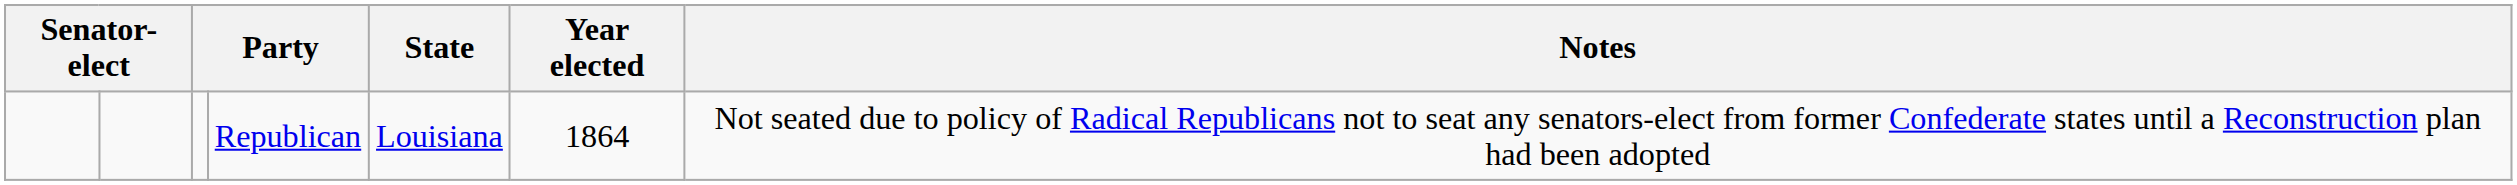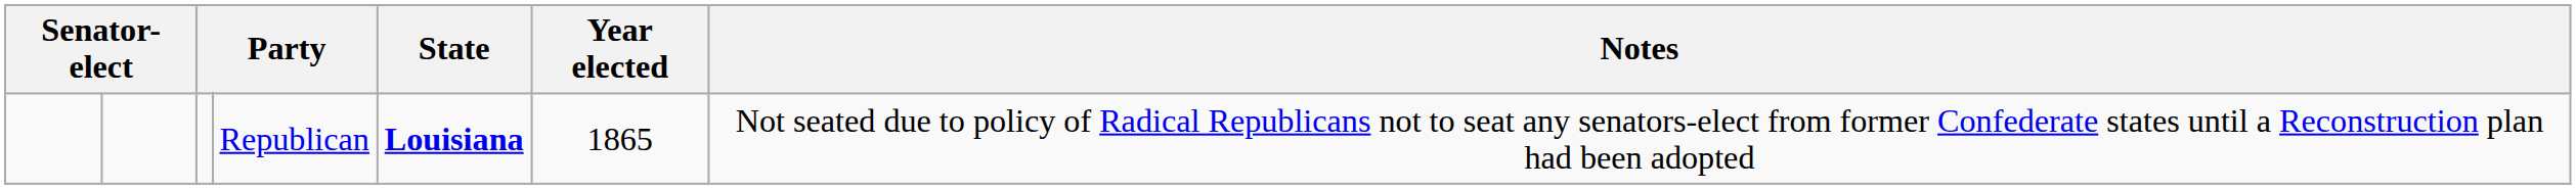 <table class="wikitable sortable" style="text-align:center">
 <tr>
 <th colspan=2>Senator-elect</th>
 <th colspan=2>Party</th>
 <th>State</th>
 <th>Year elected</th>
 <th>Notes</th>
 </tr>
 <tr>
 <td data-sort-value="Hahn, Michael"></td>
 <td><strong></strong><br></td>
 <td style="background-color:"></td>
 <td><a href='#'>Republican</a></td>
-<td><a href='#'>Louisiana</a></td>
-<td>1864</td>
+<td><strong><a href='#'>Louisiana</a></strong></td>
+<td>1865</td>
 <td>Not seated due to policy of <a href='#'>Radical Republicans</a> not to seat any senators-elect from former <a href='#'>Confederate</a> states until a <a href='#'>Reconstruction</a> plan had been adopted</td>
 </tr>
 </table>
